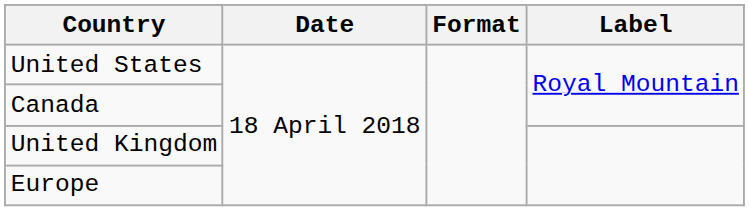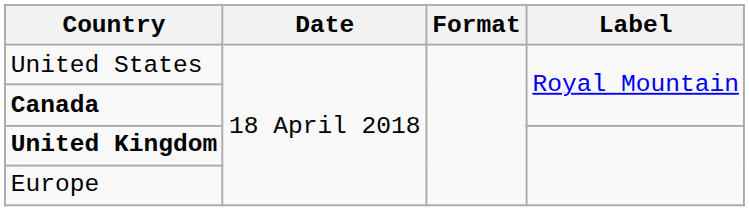 <table class="wikitable">
 <tr>
 <th>Country</th>
 <th>Date</th>
 <th>Format</th>
 <th>Label</th>
 </tr>
 <tr>
 <td>United States</td>
 <td rowspan="4">18 April 2018</td>
 <td rowspan="4"></td>
 <td rowspan="2"><a href='#'>Royal Mountain</a></td>
 </tr>
 <tr>
-<td>Canada</td>
+<td><strong>Canada</strong></td>
 </tr>
 <tr>
-<td>United Kingdom</td>
+<td><strong>United Kingdom</strong></td>
 <td rowspan="2"></td>
 </tr>
 <tr>
 <td>Europe</td>
 </tr>
 </table>
